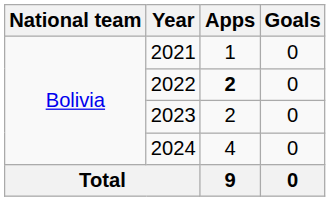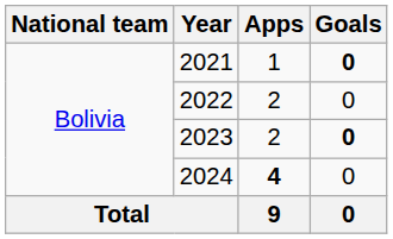 <table class=wikitable style=text-align:center>
 <tr>
 <th>National team</th>
 <th>Year</th>
 <th>Apps</th>
 <th>Goals</th>
 </tr>
 <tr>
 <td rowspan="4"><a href='#'>Bolivia</a></td>
 <td>2021</td>
 <td>1</td>
-<td>0</td>
+<td><strong>0</strong></td>
 </tr>
 <tr>
 <td>2022</td>
-<td><strong>2</strong></td>
+<td>2</td>
 <td>0</td>
 </tr>
 <tr>
 <td>2023</td>
 <td>2</td>
-<td>0</td>
+<td><strong>0</strong></td>
 </tr>
 <tr>
 <td>2024</td>
-<td>4</td>
+<td><strong>4</strong></td>
 <td>0</td>
 </tr>
 <tr>
 <th colspan="2">Total</th>
 <th>9</th>
 <th>0</th>
 </tr>
 </table>
